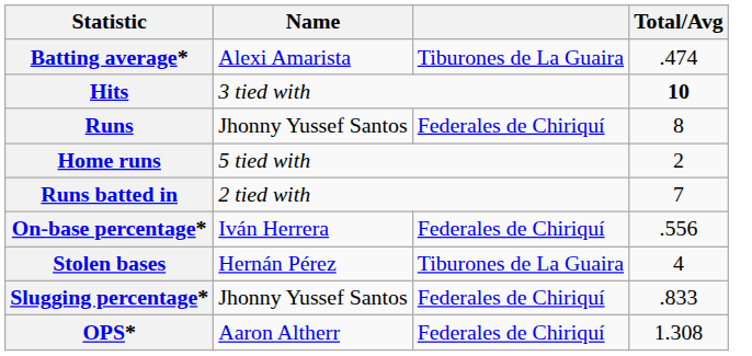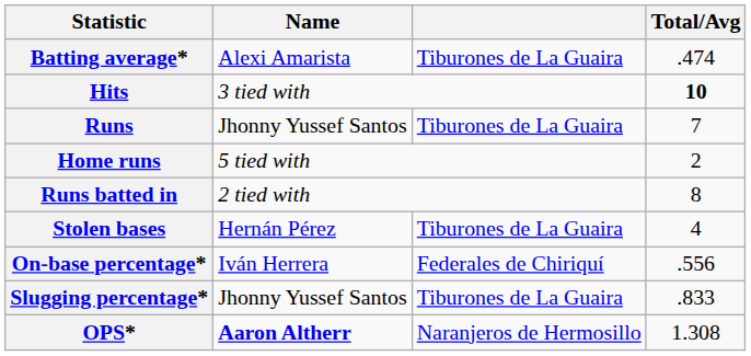 <table class="wikitable plainrowheaders">
 <tr>
 <th scope="col">Statistic</th>
 <th scope="col">Name</th>
 <th></th>
 <th scope="col">Total/Avg</th>
 </tr>
 <tr>
 <th scope="row"><a href='#'>Batting average</a>*</th>
 <td> <a href='#'>Alexi Amarista</a></td>
 <td> <a href='#'>Tiburones de La Guaira</a></td>
 <td align="center">.474</td>
 </tr>
 <tr>
 <th scope="row"><a href='#'>Hits</a></th>
 <td colspan="2"><em>3 tied with</em></td>
 <td align=center><strong>10</strong></td>
 </tr>
 <tr>
 <th scope="row"><a href='#'>Runs</a></th>
 <td> Jhonny Yussef Santos</td>
-<td> <a href='#'>Federales de Chiriquí</a></td>
-<td align=center>8</td>
+<td> <a href='#'>Tiburones de La Guaira</a></td>
+<td align="center">7</td>
 </tr>
 <tr>
 <th scope="row"><a href='#'>Home runs</a></th>
 <td colspan="2"><em>5 tied with</em></td>
 <td align=center>2</td>
 </tr>
 <tr>
 <th scope="row"><a href='#'>Runs batted in</a></th>
 <td colspan="2"><em>2 tied with</em></td>
-<td align="center">7</td>
+<td align=center>8</td>
+</tr>
+<tr>
+<th scope="row"><a href='#'>Stolen bases</a></th>
+<td> <a href='#'>Hernán Pérez</a></td>
+<td> <a href='#'>Tiburones de La Guaira</a></td>
+<td align="center">4</td>
 </tr>
 <tr>
 <th scope="row"><a href='#'>On-base percentage</a>*</th>
 <td> <a href='#'>Iván Herrera</a></td>
 <td> <a href='#'>Federales de Chiriquí</a></td>
 <td align="center">.556</td>
 </tr>
 <tr>
-<th scope="row"><a href='#'>Stolen bases</a></th>
-<td> <a href='#'>Hernán Pérez</a></td>
-<td> <a href='#'>Tiburones de La Guaira</a></td>
-<td align="center">4</td>
-</tr>
-<tr>
 <th scope="row"><a href='#'>Slugging percentage</a>*</th>
 <td> Jhonny Yussef Santos</td>
-<td> <a href='#'>Federales de Chiriquí</a></td>
+<td> <a href='#'>Tiburones de La Guaira</a></td>
 <td align="center">.833</td>
 </tr>
 <tr>
 <th scope="row"><a href='#'>OPS</a>*</th>
-<td> <a href='#'>Aaron Altherr</a></td>
-<td> <a href='#'>Federales de Chiriquí</a></td>
+<td><strong> <a href='#'>Aaron Altherr</a></strong></td>
+<td> <a href='#'>Naranjeros de Hermosillo</a></td>
 <td align="center">1.308</td>
 </tr>
 </table>
